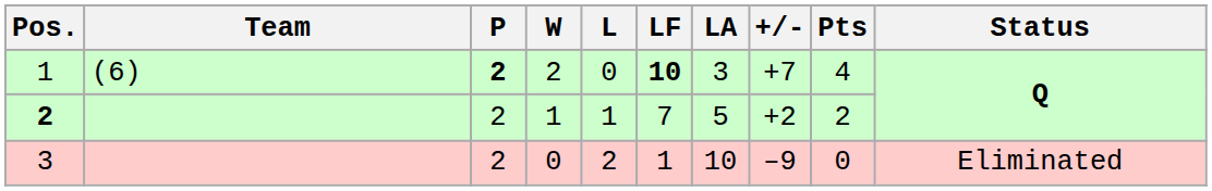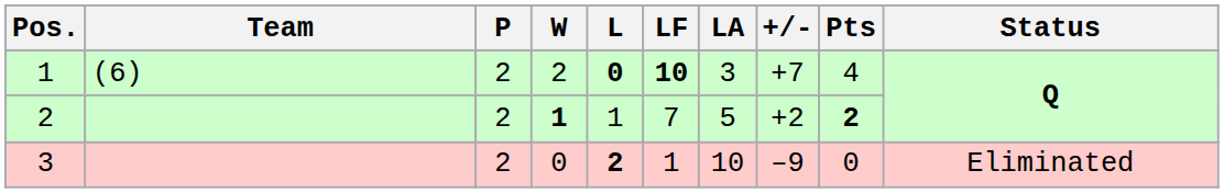 <table class="wikitable" style="text-align:center; margin: 1em auto 1em auto, align:left">
 <tr>
 <th width=20>Pos.</th>
 <th width=175>Team</th>
 <th width=20>P</th>
 <th width=20>W</th>
 <th width=20>L</th>
 <th width=20>LF</th>
 <th width=20>LA</th>
 <th width=20>+/-</th>
 <th width=20>Pts</th>
 <th width=150>Status</th>
 </tr>
 <tr style="background:#CCFFCC;">
 <td>1</td>
 <td style="text-align:left;"><strong></strong> (6)</td>
-<td><strong>2</strong></td>
 <td>2</td>
-<td>0</td>
+<td>2</td>
+<td><strong>0</strong></td>
 <td><strong>10</strong></td>
 <td>3</td>
 <td>+7</td>
 <td>4</td>
 <td rowspan=2><strong>Q</strong></td>
 </tr>
 <tr style="background:#CCFFCC;">
-<td><strong>2</strong></td>
+<td>2</td>
 <td style="text-align:left;"><strong></strong></td>
 <td>2</td>
-<td>1</td>
+<td><strong>1</strong></td>
 <td>1</td>
 <td>7</td>
 <td>5</td>
 <td>+2</td>
-<td>2</td>
+<td><strong>2</strong></td>
 </tr>
 <tr style="background:#FFCCCC;">
 <td>3</td>
 <td style="text-align:left;"></td>
 <td>2</td>
 <td>0</td>
-<td>2</td>
+<td><strong>2</strong></td>
 <td>1</td>
 <td>10</td>
 <td>–9</td>
 <td>0</td>
 <td>Eliminated</td>
 </tr>
 </table>
